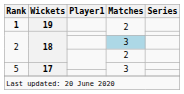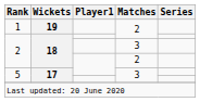 <table class="wikitable plainrowheaders sortable">
 <tr>
 <th scope=col>Rank</th>
 <th scope=col>Wickets</th>
 <th scope=col>Player1</th>
 <th scope=col>Matches</th>
 <th scope=col>Series</th>
 </tr>
 <tr>
-<td align=center><strong>1</strong></td>
+<td align=center>1</td>
 <th scope=row style=text-align:center;>19</th>
 <td></td>
 <td align=center rowspan=2>2</td>
 <td></td>
 </tr>
 <tr>
 <td align=center rowspan=3>2</td>
 <th scope=row style=text-align:center; rowspan=3>18</th>
 <td></td>
 <td></td>
 </tr>
 <tr>
 <td></td>
-<td align=center style="background: lightblue;">3</td>
+<td align=center>3</td>
 <td></td>
 </tr>
 <tr>
 <td rowspan=2></td>
 <td align=center>2</td>
 <td></td>
 </tr>
 <tr>
 <td align=center rowspan=2>5</td>
 <th scope=row style=text-align:center; rowspan=2>17</th>
 <td align=center rowspan=2>3</td>
 <td></td>
 </tr>
 <tr>
 <td></td>
 <td></td>
 </tr>
 <tr>
 </tr>
 <tr class=sortbottom>
 <td colspan=5><small>Last updated: 20 June 2020</small></td>
 </tr>
 </table>
